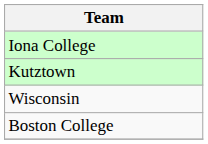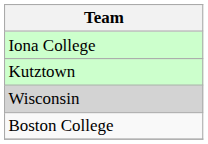 <table class="wikitable" style="text-align: center;">
 <tr>
 <th width="180">Team</th>
 </tr>
 <tr bgcolor=#ccffcc>
 <td align="left">Iona College</td>
 </tr>
 <tr bgcolor=#ccffcc>
 <td align="left">Kutztown</td>
 </tr>
 <tr>
-<td align="left">Wisconsin</td>
+<td align="left" style="background: lightgrey;">Wisconsin</td>
 </tr>
 <tr>
 <td align="left">Boston College</td>
 </tr>
 <tr>
 </tr>
 </table>
